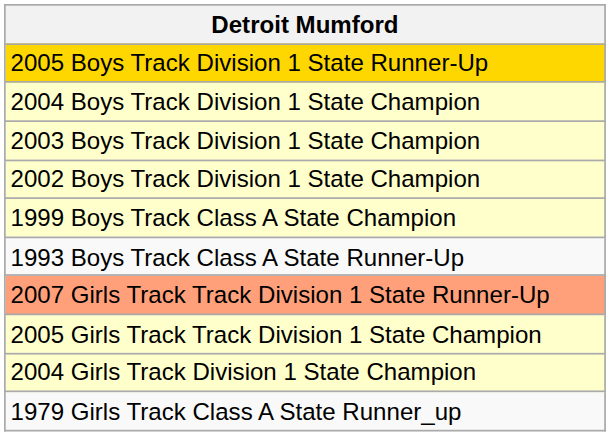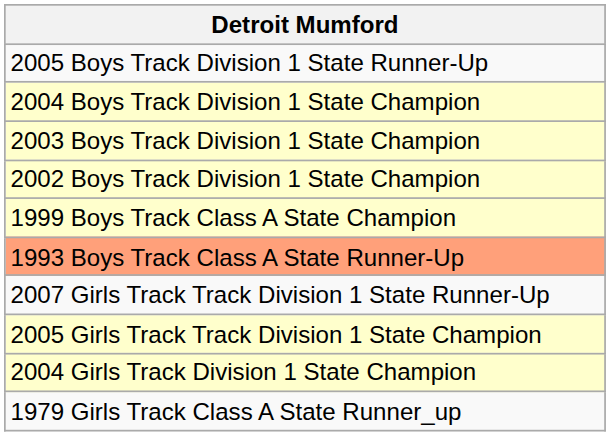 <table class="wikitable collapsible collapsed" style="min-width:25em; font-size:88%;">
 <tr>
 <th colspan="2" style="background:; border:0 solid black;">Detroit Mumford</th>
 </tr>
 <tr>
-<td style="background: gold;">2005 Boys Track Division 1 State Runner-Up</td>
+<td>2005 Boys Track Division 1 State Runner-Up</td>
 </tr>
 <tr style="background:#ffc;">
 <td>2004 Boys Track Division 1 State Champion</td>
 </tr>
 <tr style="background:#ffc;">
 <td>2003 Boys Track Division 1 State Champion</td>
 </tr>
 <tr style="background:#ffc;">
 <td>2002 Boys Track Division 1 State Champion</td>
 </tr>
 <tr style="background:#ffc;">
 <td>1999 Boys Track Class A State Champion</td>
 </tr>
 <tr>
-<td>1993 Boys Track Class A State Runner-Up</td>
+<td style="background: lightsalmon;">1993 Boys Track Class A State Runner-Up</td>
 </tr>
 <tr>
-<td style="background: lightsalmon;">2007 Girls Track Track Division 1 State Runner-Up</td>
+<td>2007 Girls Track Track Division 1 State Runner-Up</td>
 </tr>
 <tr style="background:#ffc;">
 <td>2005 Girls Track Track Division 1 State Champion</td>
 </tr>
 <tr style="background:#ffc;">
 <td>2004 Girls Track Division 1 State Champion</td>
 </tr>
 <tr>
 <td>1979 Girls Track Class A State Runner_up</td>
 </tr>
 </table>
